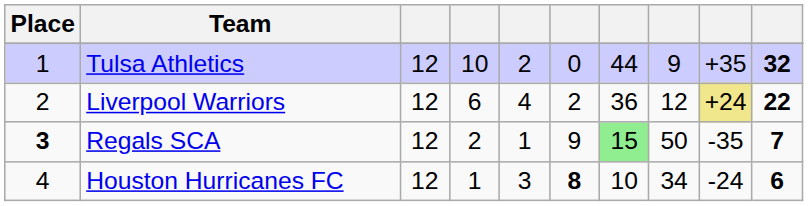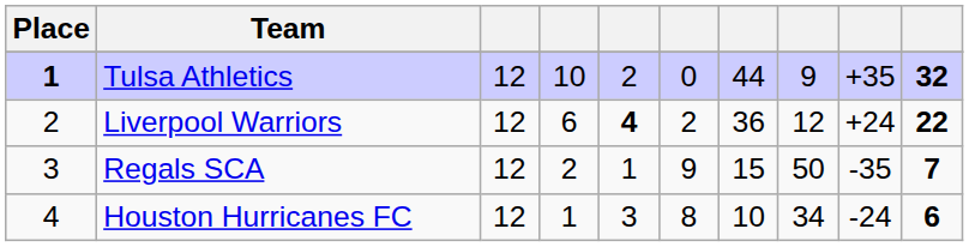 <table class="wikitable" style="text-align: center;">
 <tr>
 <th>Place</th>
 <th width="200">Team</th>
 <th width="25"></th>
 <th width="25"></th>
 <th width="25"></th>
 <th width="25"></th>
 <th width="25"></th>
 <th width="25"></th>
 <th width="25"></th>
 <th width="25"></th>
 </tr>
 <tr>
 </tr>
 <tr bgcolor=#ccccff>
-<td>1</td>
+<td><strong>1</strong></td>
 <td align=left><a href='#'>Tulsa Athletics</a></td>
 <td>12</td>
 <td>10</td>
 <td>2</td>
 <td>0</td>
 <td>44</td>
 <td>9</td>
 <td>+35</td>
 <td><strong>32</strong></td>
 </tr>
 <tr>
 <td>2</td>
 <td align=left><a href='#'>Liverpool Warriors</a></td>
 <td>12</td>
 <td>6</td>
-<td>4</td>
+<td><strong>4</strong></td>
 <td>2</td>
 <td>36</td>
 <td>12</td>
-<td style="background: khaki;">+24</td>
+<td>+24</td>
 <td><strong>22</strong></td>
 </tr>
 <tr>
-<td><strong>3</strong></td>
+<td>3</td>
 <td align=left><a href='#'>Regals SCA</a></td>
 <td>12</td>
 <td>2</td>
 <td>1</td>
 <td>9</td>
-<td style="background: lightgreen;">15</td>
+<td>15</td>
 <td>50</td>
 <td>-35</td>
 <td><strong>7</strong></td>
 </tr>
 <tr>
 <td>4</td>
 <td align=left><a href='#'>Houston Hurricanes FC</a></td>
 <td>12</td>
 <td>1</td>
 <td>3</td>
-<td><strong>8</strong></td>
+<td>8</td>
 <td>10</td>
 <td>34</td>
 <td>-24</td>
 <td><strong>6</strong></td>
 </tr>
 </table>
